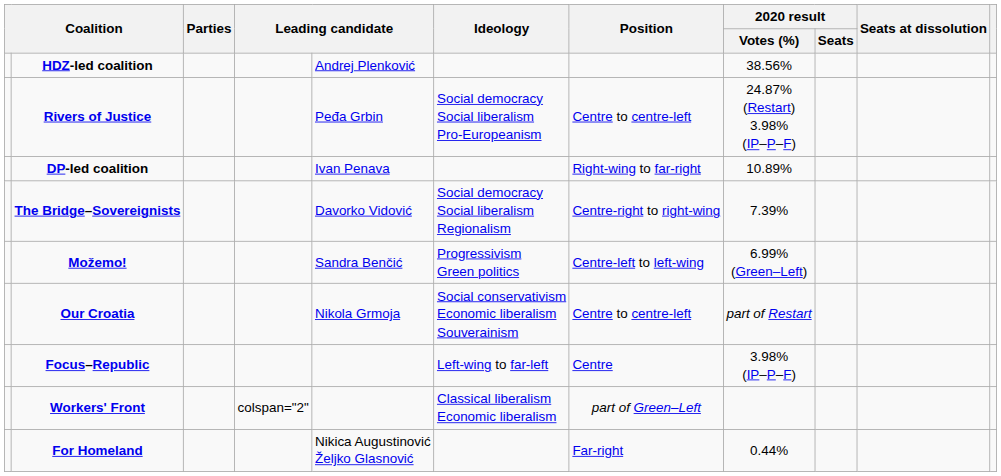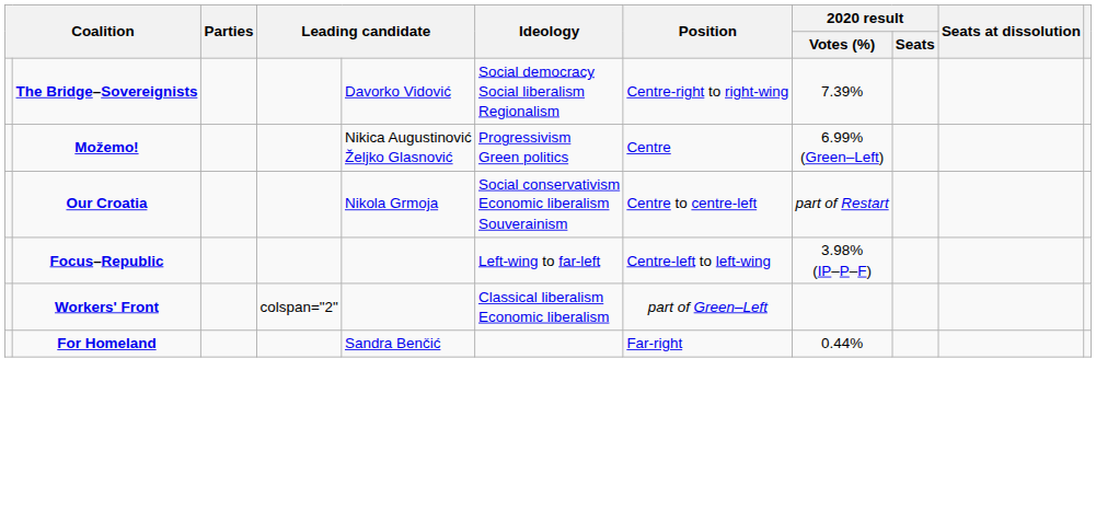 <table class="wikitable" style="line-height:1.35em; text-align:left;">
 <tr>
 <th colspan="2" rowspan="2">Coalition</th>
 <th rowspan="2">Parties</th>
 <th colspan="2" rowspan="2">Leading candidate</th>
 <th rowspan="2">Ideology</th>
 <th rowspan="2">Position</th>
 <th colspan="2">2020 result</th>
 <th rowspan="2">Seats at dissolution</th>
 <th rowspan="2"></th>
 </tr>
 <tr>
 <th>Votes (%)</th>
 <th>Seats</th>
-</tr>
-<tr>
-<td></td>
-<td align="center"><strong><a href='#'>HDZ</a>-led coalition</strong></td>
-<td></td>
-<td></td>
-<td><a href='#'>Andrej Plenković</a></td>
-<td></td>
-<td></td>
-<td align="center">38.56%</td>
-<td></td>
-<td></td>
-<td></td>
-</tr>
-<tr>
-<td width="1"></td>
-<td align="center"><strong><a href='#'>Rivers of Justice</a></strong></td>
-<td></td>
-<td></td>
-<td><a href='#'>Peđa Grbin</a></td>
-<td><a href='#'>Social democracy</a><br><a href='#'>Social liberalism</a><br><a href='#'>Pro-Europeanism</a></td>
-<td><a href='#'>Centre</a> to <a href='#'>centre-left</a></td>
-<td align="center">24.87%<br>(<a href='#'>Restart</a>)<br>3.98%<br>(<a href='#'>IP</a>–<a href='#'>P</a>–<a href='#'>F</a>)</td>
-<td></td>
-<td></td>
-<td></td>
-</tr>
-<tr>
-<td></td>
-<td align="center"><strong><a href='#'>DP</a>-led coalition</strong></td>
-<td></td>
-<td></td>
-<td><a href='#'>Ivan Penava</a></td>
-<td></td>
-<td><a href='#'>Right-wing</a> to <a href='#'>far-right</a></td>
-<td align="center">10.89%</td>
-<td></td>
-<td></td>
-<td></td>
 </tr>
 <tr>
 <td></td>
 <td align="center"><strong><a href='#'>The Bridge</a>–<a href='#'>Sovereignists</a></strong></td>
 <td></td>
 <td></td>
 <td><a href='#'>Davorko Vidović</a></td>
 <td><a href='#'>Social democracy</a><br><a href='#'>Social liberalism</a><br><a href='#'>Regionalism</a></td>
 <td><a href='#'>Centre-right</a> to <a href='#'>right-wing</a></td>
 <td align="center">7.39%</td>
 <td></td>
 <td></td>
 <td></td>
 </tr>
 <tr>
 <td></td>
 <td align="center"><strong><a href='#'>Možemo!</a></strong></td>
 <td></td>
 <td></td>
-<td><a href='#'>Sandra Benčić</a></td>
+<td>Nikica Augustinović<br><a href='#'>Željko Glasnović</a></td>
 <td><a href='#'>Progressivism</a><br><a href='#'>Green politics</a></td>
-<td><a href='#'>Centre-left</a> to <a href='#'>left-wing</a></td>
+<td><a href='#'>Centre</a></td>
 <td align="center">6.99%<br>(<a href='#'>Green–Left</a>)</td>
 <td></td>
 <td></td>
 <td></td>
 </tr>
 <tr>
 <td width="1"></td>
 <td align="center"><strong><a href='#'>Our Croatia</a></strong></td>
 <td></td>
 <td></td>
 <td><a href='#'>Nikola Grmoja</a></td>
 <td><a href='#'>Social conservativism</a><br><a href='#'>Economic liberalism</a><br><a href='#'>Souverainism</a></td>
 <td><a href='#'>Centre</a> to <a href='#'>centre-left</a></td>
 <td align="center"><em>part of <a href='#'>Restart</a></em></td>
 <td></td>
 <td></td>
 <td></td>
 </tr>
 <tr>
 <td></td>
 <td align="center"><strong><a href='#'>Focus</a>–<a href='#'>Republic</a></strong></td>
 <td></td>
 <td></td>
 <td></td>
 <td><a href='#'>Left-wing</a> to <a href='#'>far-left</a></td>
-<td><a href='#'>Centre</a></td>
+<td><a href='#'>Centre-left</a> to <a href='#'>left-wing</a></td>
 <td align="center">3.98%<br>(<a href='#'>IP</a>–<a href='#'>P</a>–<a href='#'>F</a>)</td>
 <td></td>
 <td></td>
 <td></td>
 </tr>
 <tr>
 <td></td>
 <td align="center"><strong><a href='#'>Workers' Front</a></strong></td>
 <td></td>
 <td>colspan="2" </td>
 <td></td>
 <td><a href='#'>Classical liberalism</a><br><a href='#'>Economic liberalism</a></td>
 <td align="center"><em>part of <a href='#'>Green–Left</a></em></td>
 <td></td>
 <td></td>
 <td></td>
 </tr>
 <tr>
 <td width="1"></td>
 <td align="center"><strong><a href='#'>For Homeland</a></strong></td>
 <td></td>
 <td></td>
-<td>Nikica Augustinović<br><a href='#'>Željko Glasnović</a></td>
+<td><a href='#'>Sandra Benčić</a></td>
 <td></td>
 <td><a href='#'>Far-right</a></td>
 <td align="center">0.44%</td>
 <td></td>
 <td></td>
 <td></td>
 </tr>
 </table>
